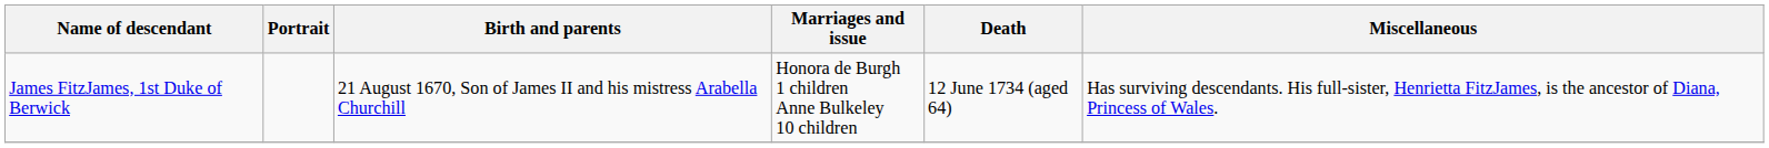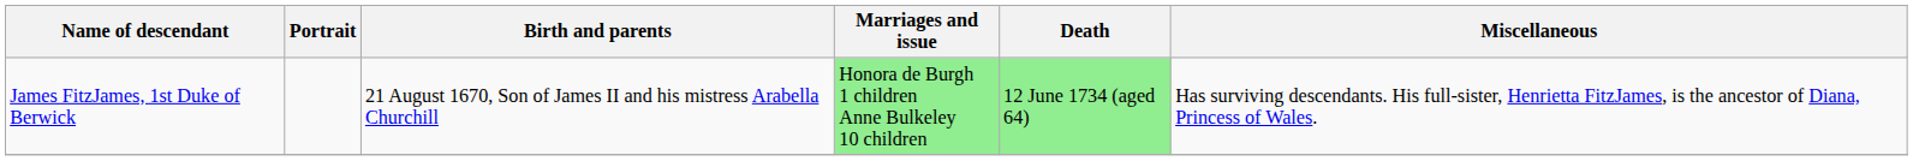 <table class="wikitable">
 <tr ->
 <th>Name of descendant</th>
 <th>Portrait</th>
 <th>Birth and parents</th>
 <th>Marriages and issue</th>
 <th>Death</th>
 <th>Miscellaneous</th>
 </tr>
 <tr>
 <td><a href='#'>James FitzJames, 1st Duke of Berwick</a></td>
 <td></td>
 <td>21 August 1670, Son of James II and his mistress <a href='#'>Arabella Churchill</a></td>
-<td>Honora de Burgh<br>1 children<br>Anne Bulkeley<br>10 children</td>
-<td>12 June 1734 (aged 64)</td>
+<td style="background: lightgreen;">Honora de Burgh<br>1 children<br>Anne Bulkeley<br>10 children</td>
+<td style="background: lightgreen;">12 June 1734 (aged 64)</td>
 <td>Has surviving descendants. His full-sister, <a href='#'>Henrietta FitzJames</a>, is the ancestor of <a href='#'>Diana, Princess of Wales</a>.</td>
 </tr>
 <tr>
 </tr>
 </table>
